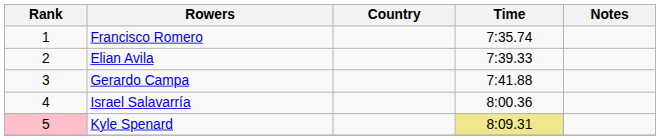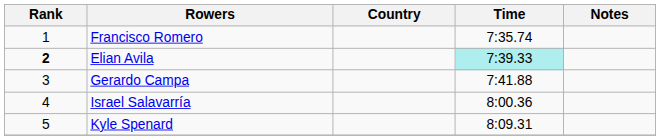 <table class="wikitable" width=60% style="text-align:center">
 <tr>
 <th>Rank</th>
 <th>Rowers</th>
 <th>Country</th>
 <th>Time</th>
 <th>Notes</th>
 </tr>
 <tr>
 <td>1</td>
 <td align=left><a href='#'>Francisco Romero</a></td>
 <td align=left></td>
 <td>7:35.74</td>
 <td></td>
 </tr>
 <tr>
-<td>2</td>
+<td><strong>2</strong></td>
 <td align=left><a href='#'>Elian Avila</a></td>
 <td align=left></td>
-<td>7:39.33</td>
+<td style="background: paleturquoise;">7:39.33</td>
 <td></td>
 </tr>
 <tr>
 <td>3</td>
 <td align=left><a href='#'>Gerardo Campa</a></td>
 <td align=left></td>
 <td>7:41.88</td>
 <td></td>
 </tr>
 <tr>
 <td>4</td>
 <td align=left><a href='#'>Israel Salavarría</a></td>
 <td align=left></td>
 <td>8:00.36</td>
 <td></td>
 </tr>
 <tr>
-<td style="background: pink;">5</td>
+<td>5</td>
 <td align=left><a href='#'>Kyle Spenard</a></td>
 <td align=left></td>
-<td style="background: khaki;">8:09.31</td>
+<td>8:09.31</td>
 <td></td>
 </tr>
 <tr>
 </tr>
 </table>
